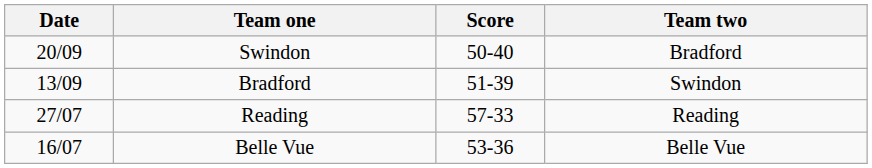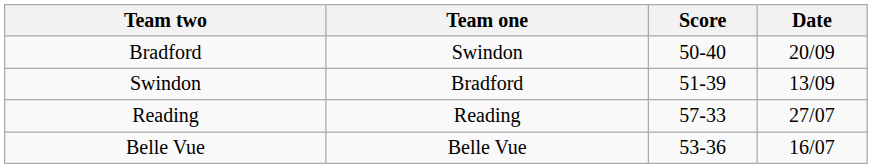 <table class="wikitable" style="text-align: center">
 <tr>
-<th width=80>Date</th>
+<th width=250>Team two</th>
 <th width=250>Team one</th>
 <th width=80>Score</th>
-<th width=250>Team two</th>
+<th width=80>Date</th>
 </tr>
 <tr>
-<td>20/09</td>
+<td>Bradford</td>
 <td>Swindon</td>
 <td>50-40</td>
-<td>Bradford</td>
+<td>20/09</td>
 </tr>
 <tr>
-<td>13/09</td>
+<td>Swindon</td>
 <td>Bradford</td>
 <td>51-39</td>
-<td>Swindon</td>
+<td>13/09</td>
 </tr>
 <tr>
-<td>27/07</td>
+<td>Reading</td>
 <td>Reading</td>
 <td>57-33</td>
-<td>Reading</td>
+<td>27/07</td>
 </tr>
 <tr>
-<td>16/07</td>
+<td>Belle Vue</td>
 <td>Belle Vue</td>
 <td>53-36</td>
-<td>Belle Vue</td>
+<td>16/07</td>
 </tr>
 </table>
